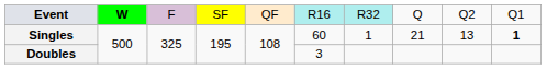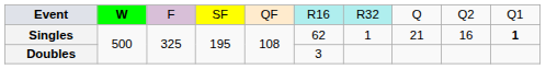 <table class=wikitable style=font-size:90%;text-align:center>
 <tr>
 <td style="width:100px; background:#dfe2e9;"><strong>Event</strong></td>
 <td style="width:50px; background:lime;"><strong>W</strong></td>
 <td style="width:50px; background:thistle;">F</td>
 <td style="width:50px; background:#ff0;">SF</td>
 <td style="width:50px; background:#ffebcd;">QF</td>
 <td style="width:50px; background:#afeeee;">R16</td>
 <td style="width:50px; background:#afeeee;">R32</td>
 <td style="width:50px">Q</td>
 <td style="width:50px">Q2</td>
 <td style="width:50px">Q1</td>
 </tr>
 <tr>
 <th style="background:#f3f3f3;">Singles</th>
 <td rowspan=2>500</td>
 <td rowspan=2>325</td>
 <td rowspan=2>195</td>
 <td rowspan=2>108</td>
-<td>60</td>
+<td>62</td>
 <td>1</td>
 <td>21</td>
-<td>13</td>
+<td>16</td>
 <td><strong>1</strong></td>
 </tr>
 <tr>
 <th style="background:#f3f3f3;">Doubles</th>
 <td>3</td>
 <td></td>
 <td></td>
 <td></td>
 <td></td>
 </tr>
 </table>
